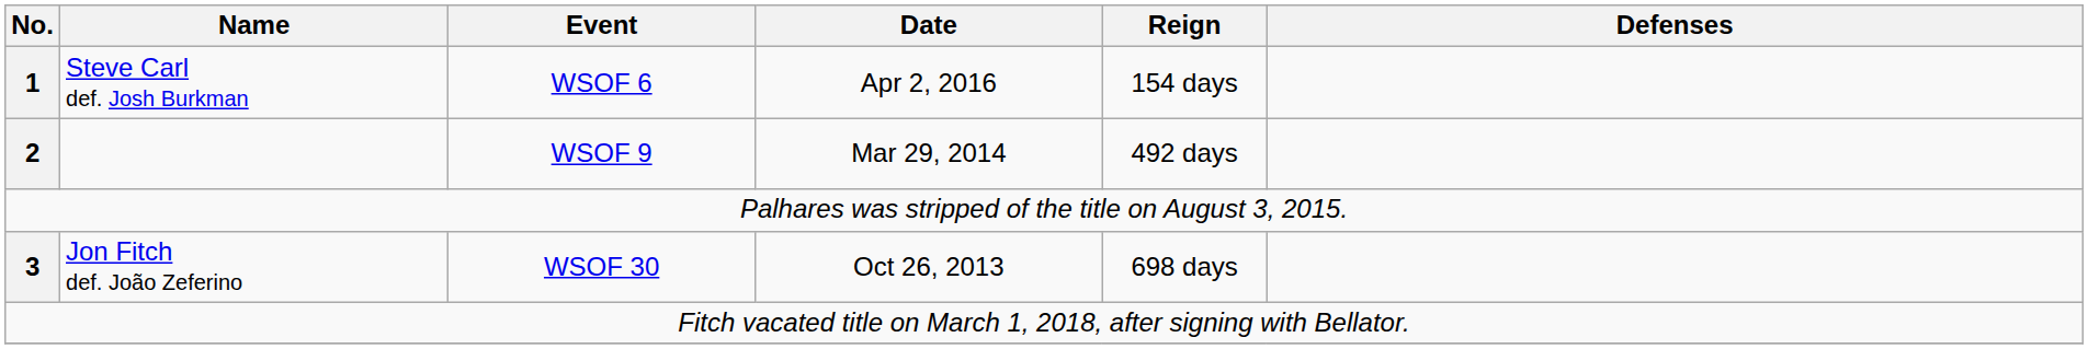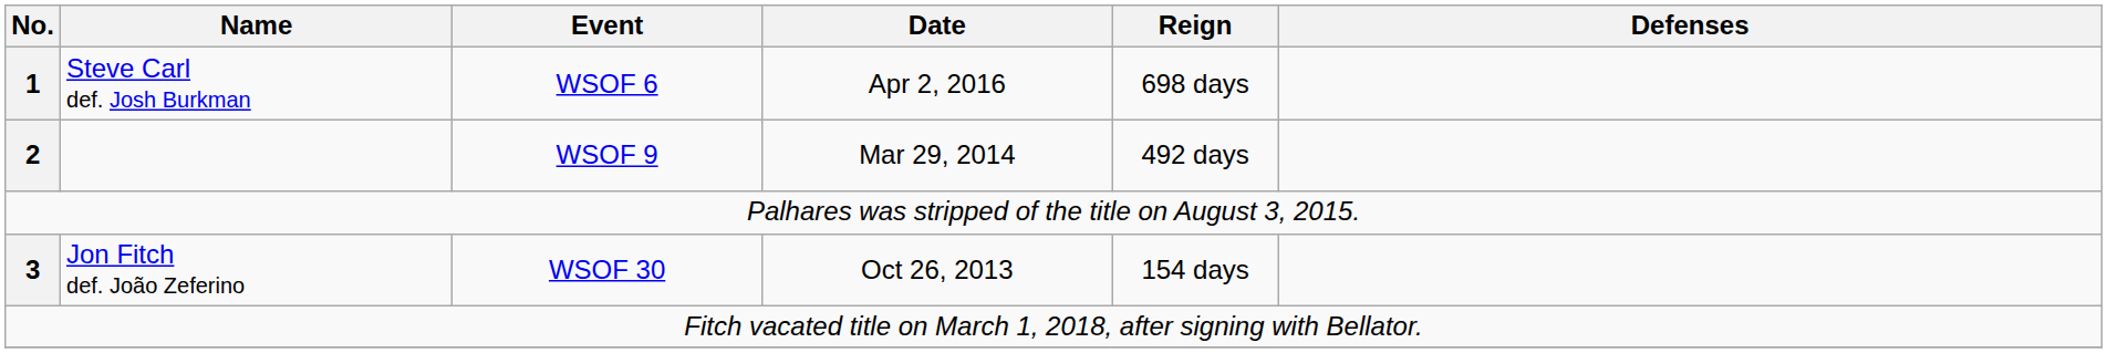 <table class="wikitable" width=100%>
 <tr>
 <th width=1%>No.</th>
 <th width=19%>Name</th>
 <th width=15%>Event</th>
 <th width=17%>Date</th>
 <th width=8%>Reign</th>
 <th width=40%>Defenses</th>
 </tr>
 <tr>
 <th>1</th>
 <td> <a href='#'>Steve Carl</a><br><small>def. <a href='#'>Josh Burkman</a></small></td>
 <td align=center><a href='#'>WSOF 6</a><br></td>
 <td align=center>Apr 2, 2016</td>
-<td align=center>154 days</td>
+<td align=center>698 days</td>
 <td></td>
 </tr>
 <tr>
 <th>2</th>
 <td></td>
 <td align=center><a href='#'>WSOF 9</a><br></td>
 <td align=center>Mar 29, 2014</td>
 <td align=center>492 days</td>
 <td><br><br> </td>
 </tr>
 <tr>
 <td align="center" colspan="6"><em>Palhares was stripped of the title on August 3, 2015.</em></td>
 </tr>
 <tr>
 <th>3</th>
 <td> <a href='#'>Jon Fitch</a><br><small>def. João Zeferino</small></td>
 <td align=center><a href='#'>WSOF 30</a><br></td>
 <td align=center>Oct 26, 2013</td>
-<td align=center>698 days</td>
+<td align=center>154 days</td>
 <td><br><br> </td>
 </tr>
 <tr>
 <td align="center" colspan="6"><em>Fitch vacated title on March 1, 2018, after signing with Bellator.</em></td>
 </tr>
 <tr>
 </tr>
 </table>
